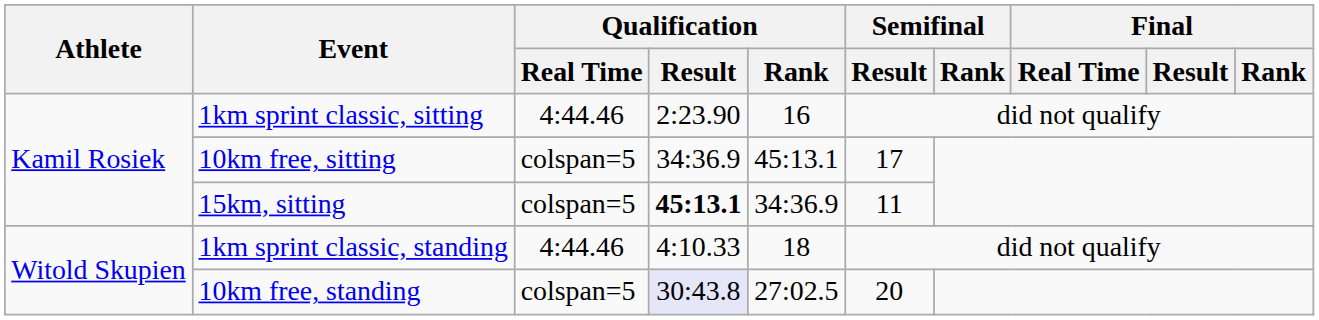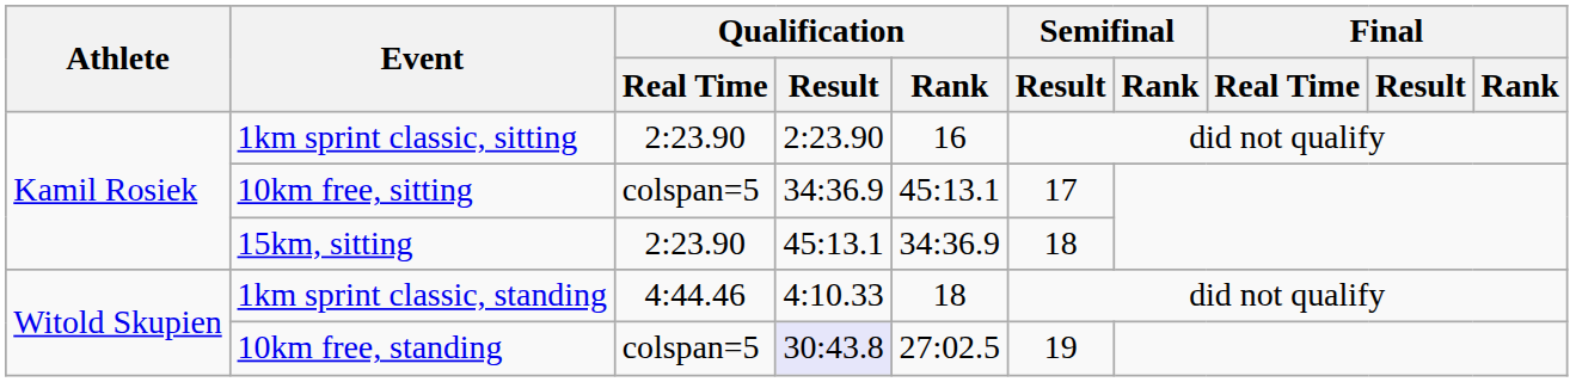 <table class="wikitable" style="font-size:100%">
 <tr>
 <th rowspan="2">Athlete</th>
 <th rowspan="2">Event</th>
 <th colspan="3">Qualification</th>
 <th colspan="2">Semifinal</th>
 <th colspan="3">Final</th>
 </tr>
 <tr>
 <th>Real Time</th>
 <th>Result</th>
 <th>Rank</th>
 <th>Result</th>
 <th>Rank</th>
 <th>Real Time</th>
 <th>Result</th>
 <th>Rank</th>
 </tr>
 <tr>
 <td rowspan=3><a href='#'>Kamil Rosiek</a></td>
 <td><a href='#'>1km sprint classic, sitting</a></td>
-<td align="center">4:44.46</td>
+<td align="center">2:23.90</td>
 <td align="center">2:23.90</td>
 <td align="center">16</td>
 <td colspan=5 align="center">did not qualify</td>
 </tr>
 <tr>
 <td><a href='#'>10km free, sitting</a></td>
 <td>colspan=5 </td>
 <td align="center">34:36.9</td>
 <td align="center">45:13.1</td>
 <td align="center">17</td>
 </tr>
 <tr>
 <td><a href='#'>15km, sitting</a></td>
-<td>colspan=5 </td>
-<td align="center"><strong>45:13.1</strong></td>
+<td align="center">2:23.90</td>
+<td align="center">45:13.1</td>
 <td align="center">34:36.9</td>
-<td align="center">11</td>
+<td align="center">18</td>
 </tr>
 <tr>
 <td rowspan=2><a href='#'>Witold Skupien</a></td>
 <td><a href='#'>1km sprint classic, standing</a></td>
 <td align="center">4:44.46</td>
 <td align="center">4:10.33</td>
 <td align="center">18</td>
 <td colspan=5 align="center">did not qualify</td>
 </tr>
 <tr>
 <td><a href='#'>10km free, standing</a></td>
 <td>colspan=5 </td>
 <td align="center" style="background: lavender;">30:43.8</td>
 <td align="center">27:02.5</td>
-<td align="center">20</td>
+<td align="center">19</td>
 </tr>
 </table>
